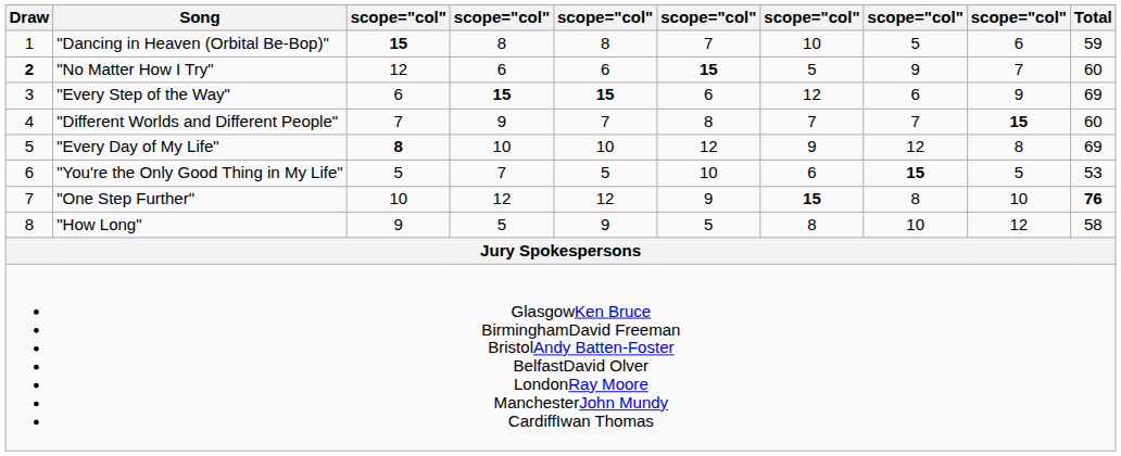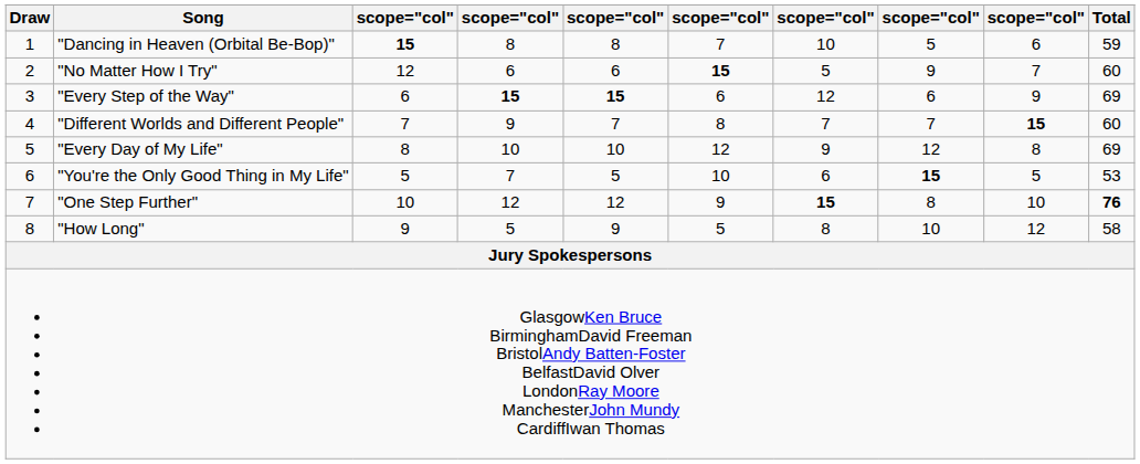 <table class="wikitable plainrowheaders" style="margin: 1em auto 1em auto; text-align:center;">
 <tr>
 </tr>
 <tr>
 <th scope="col">Draw</th>
 <th scope="col">Song</th>
 <th>scope="col" </th>
 <th>scope="col" </th>
 <th>scope="col" </th>
 <th>scope="col" </th>
 <th>scope="col" </th>
 <th>scope="col" </th>
 <th>scope="col" </th>
 <th scope="col">Total</th>
 </tr>
 <tr>
 <td>1</td>
 <td align="left">"Dancing in Heaven (Orbital Be-Bop)"</td>
 <td><strong>15</strong></td>
 <td>8</td>
 <td>8</td>
 <td>7</td>
 <td>10</td>
 <td>5</td>
 <td>6</td>
 <td>59</td>
 </tr>
 <tr>
-<td><strong>2</strong></td>
+<td>2</td>
 <td align="left">"No Matter How I Try"</td>
 <td>12</td>
 <td>6</td>
 <td>6</td>
 <td><strong>15</strong></td>
 <td>5</td>
 <td>9</td>
 <td>7</td>
 <td>60</td>
 </tr>
 <tr>
 <td>3</td>
 <td align="left">"Every Step of the Way"</td>
 <td>6</td>
 <td><strong>15</strong></td>
 <td><strong>15</strong></td>
 <td>6</td>
 <td>12</td>
 <td>6</td>
 <td>9</td>
 <td>69</td>
 </tr>
 <tr>
 <td>4</td>
 <td align="left">"Different Worlds and Different People"</td>
 <td>7</td>
 <td>9</td>
 <td>7</td>
 <td>8</td>
 <td>7</td>
 <td>7</td>
 <td><strong>15</strong></td>
 <td>60</td>
 </tr>
 <tr>
 <td>5</td>
 <td align="left">"Every Day of My Life"</td>
-<td><strong>8</strong></td>
+<td>8</td>
 <td>10</td>
 <td>10</td>
 <td>12</td>
 <td>9</td>
 <td>12</td>
 <td>8</td>
 <td>69</td>
 </tr>
 <tr>
 <td>6</td>
 <td align="left">"You're the Only Good Thing in My Life"</td>
 <td>5</td>
 <td>7</td>
 <td>5</td>
 <td>10</td>
 <td>6</td>
 <td><strong>15</strong></td>
 <td>5</td>
 <td>53</td>
 </tr>
 <tr>
 <td>7</td>
 <td align="left">"One Step Further"</td>
 <td>10</td>
 <td>12</td>
 <td>12</td>
 <td>9</td>
 <td><strong>15</strong></td>
 <td>8</td>
 <td>10</td>
 <td><strong>76</strong></td>
 </tr>
 <tr>
 <td>8</td>
 <td align="left">"How Long"</td>
 <td>9</td>
 <td>5</td>
 <td>9</td>
 <td>5</td>
 <td>8</td>
 <td>10</td>
 <td>12</td>
 <td>58</td>
 </tr>
 <tr>
 <th colspan="10">Jury Spokespersons</th>
 </tr>
 <tr>
 <td colspan="10"><br><ul><li>Glasgow<a href='#'>Ken Bruce</a></li><li>BirminghamDavid Freeman</li><li>Bristol<a href='#'>Andy Batten-Foster</a></li><li>BelfastDavid Olver</li><li>London<a href='#'>Ray Moore</a></li><li>Manchester<a href='#'>John Mundy</a></li><li>CardiffIwan Thomas</li></ul></td>
 </tr>
 </table>
